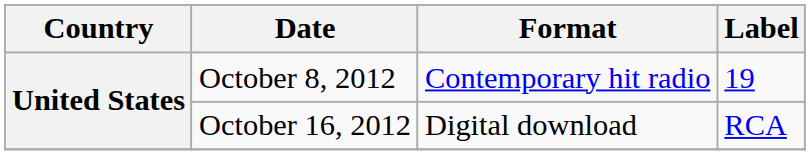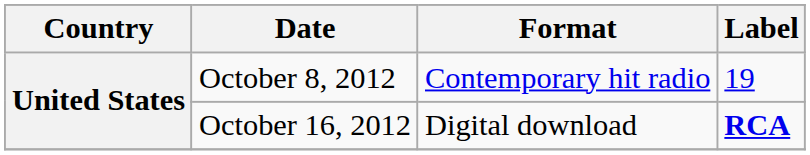 <table class="wikitable plainrowheaders">
 <tr>
 <th scope="col">Country</th>
 <th scope="col">Date</th>
 <th scope="col">Format</th>
 <th scope="col">Label</th>
 </tr>
 <tr>
 <th scope="row" rowspan="2">United States</th>
 <td>October 8, 2012</td>
 <td><a href='#'>Contemporary hit radio</a></td>
 <td><a href='#'>19</a></td>
 </tr>
 <tr>
 <td>October 16, 2012</td>
 <td>Digital download</td>
-<td><a href='#'>RCA</a></td>
+<td><strong><a href='#'>RCA</a></strong></td>
 </tr>
 <tr>
 </tr>
 </table>
